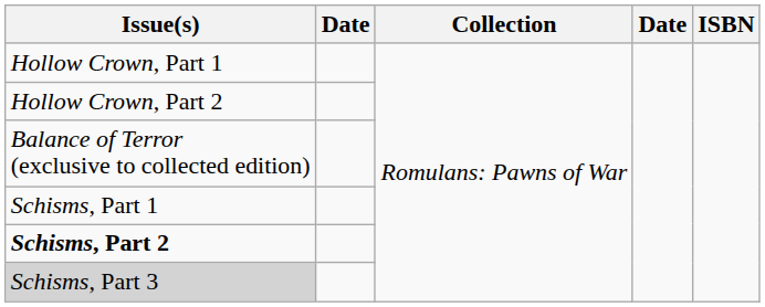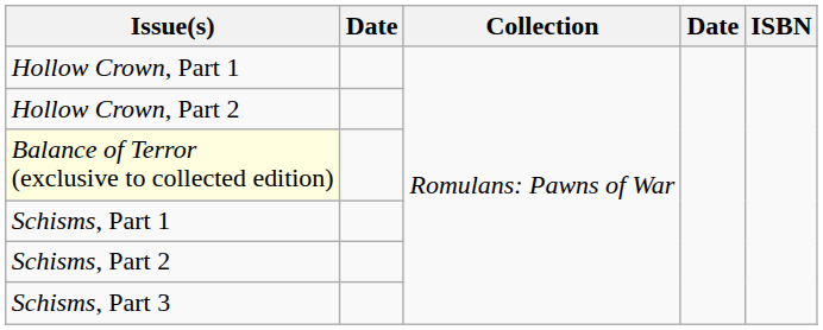 <table class="wikitable">
 <tr>
 <th>Issue(s)</th>
 <th>Date</th>
 <th>Collection</th>
 <th>Date</th>
 <th>ISBN</th>
 </tr>
 <tr>
 <td><em>Hollow Crown</em>, Part 1</td>
 <td></td>
 <td rowspan="6"><em>Romulans: Pawns of War</em></td>
 <td rowspan="6"></td>
 <td rowspan="6"></td>
 </tr>
 <tr>
 <td><em>Hollow Crown</em>, Part 2</td>
 <td></td>
 </tr>
 <tr>
-<td><em>Balance of Terror</em> <br>(exclusive to collected edition)</td>
+<td style="background: lightyellow;"><em>Balance of Terror</em> <br>(exclusive to collected edition)</td>
 <td></td>
 </tr>
 <tr>
 <td><em>Schisms</em>, Part 1</td>
 <td></td>
 </tr>
 <tr>
-<td><strong><em>Schisms</em>, Part 2</strong></td>
+<td><em>Schisms</em>, Part 2</td>
 <td></td>
 </tr>
 <tr>
-<td style="background: lightgrey;"><em>Schisms</em>, Part 3</td>
+<td><em>Schisms</em>, Part 3</td>
 <td></td>
 </tr>
 </table>
